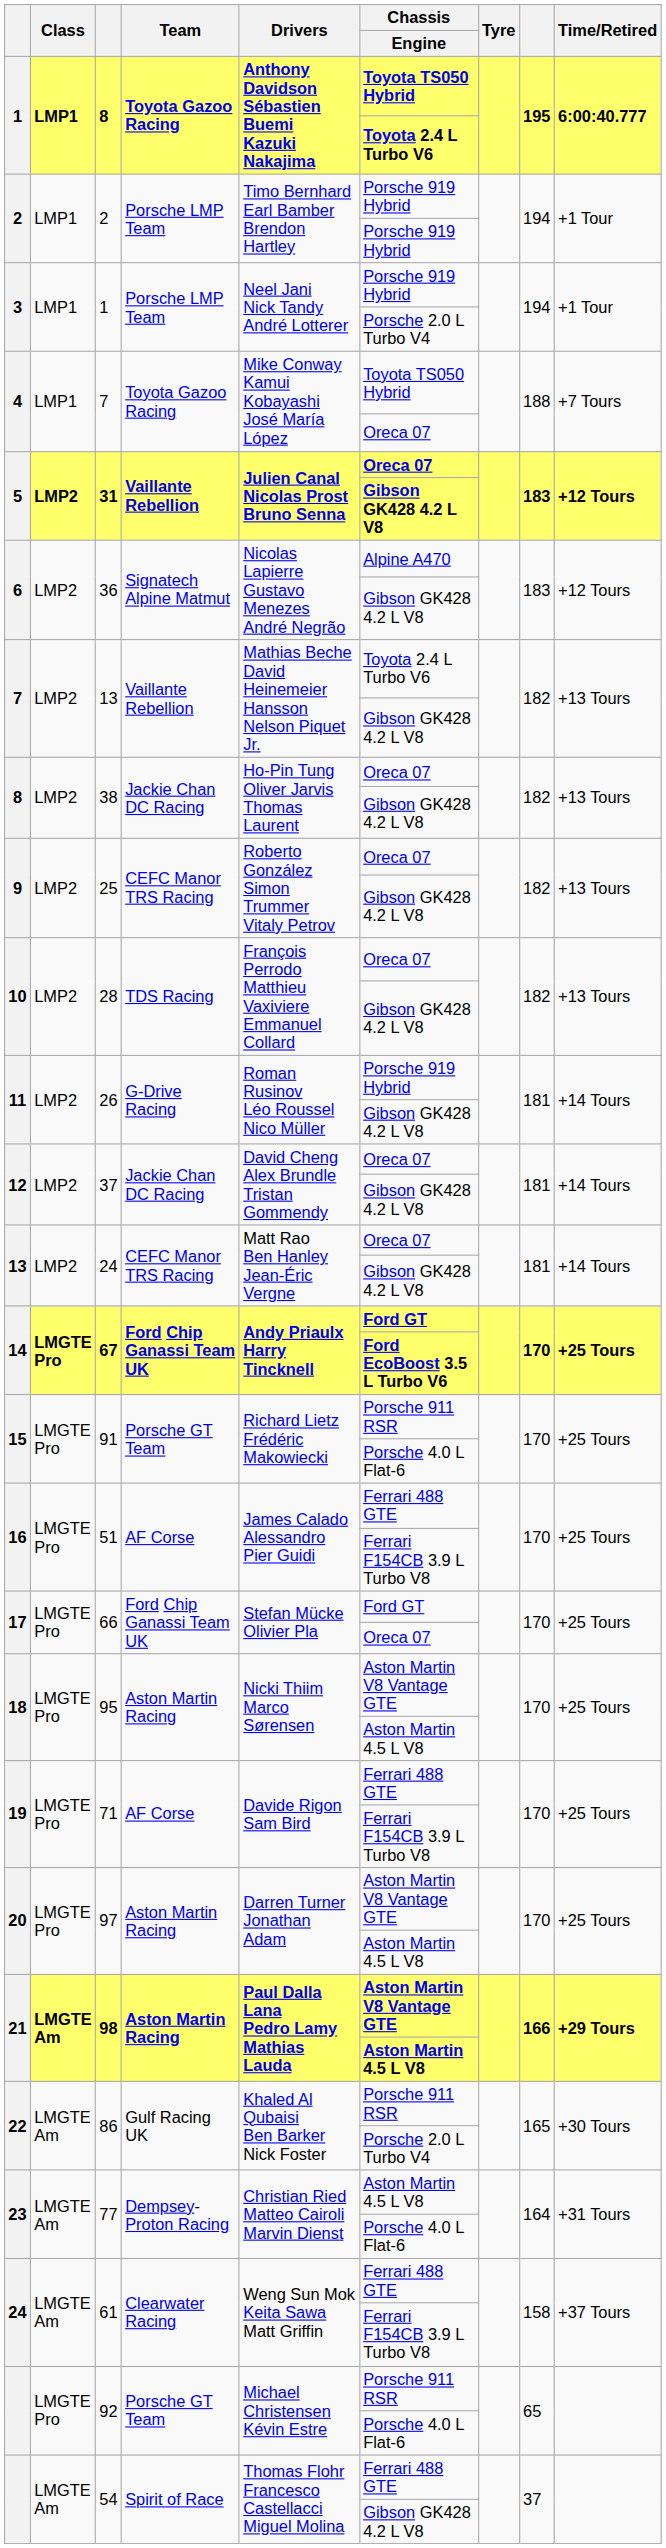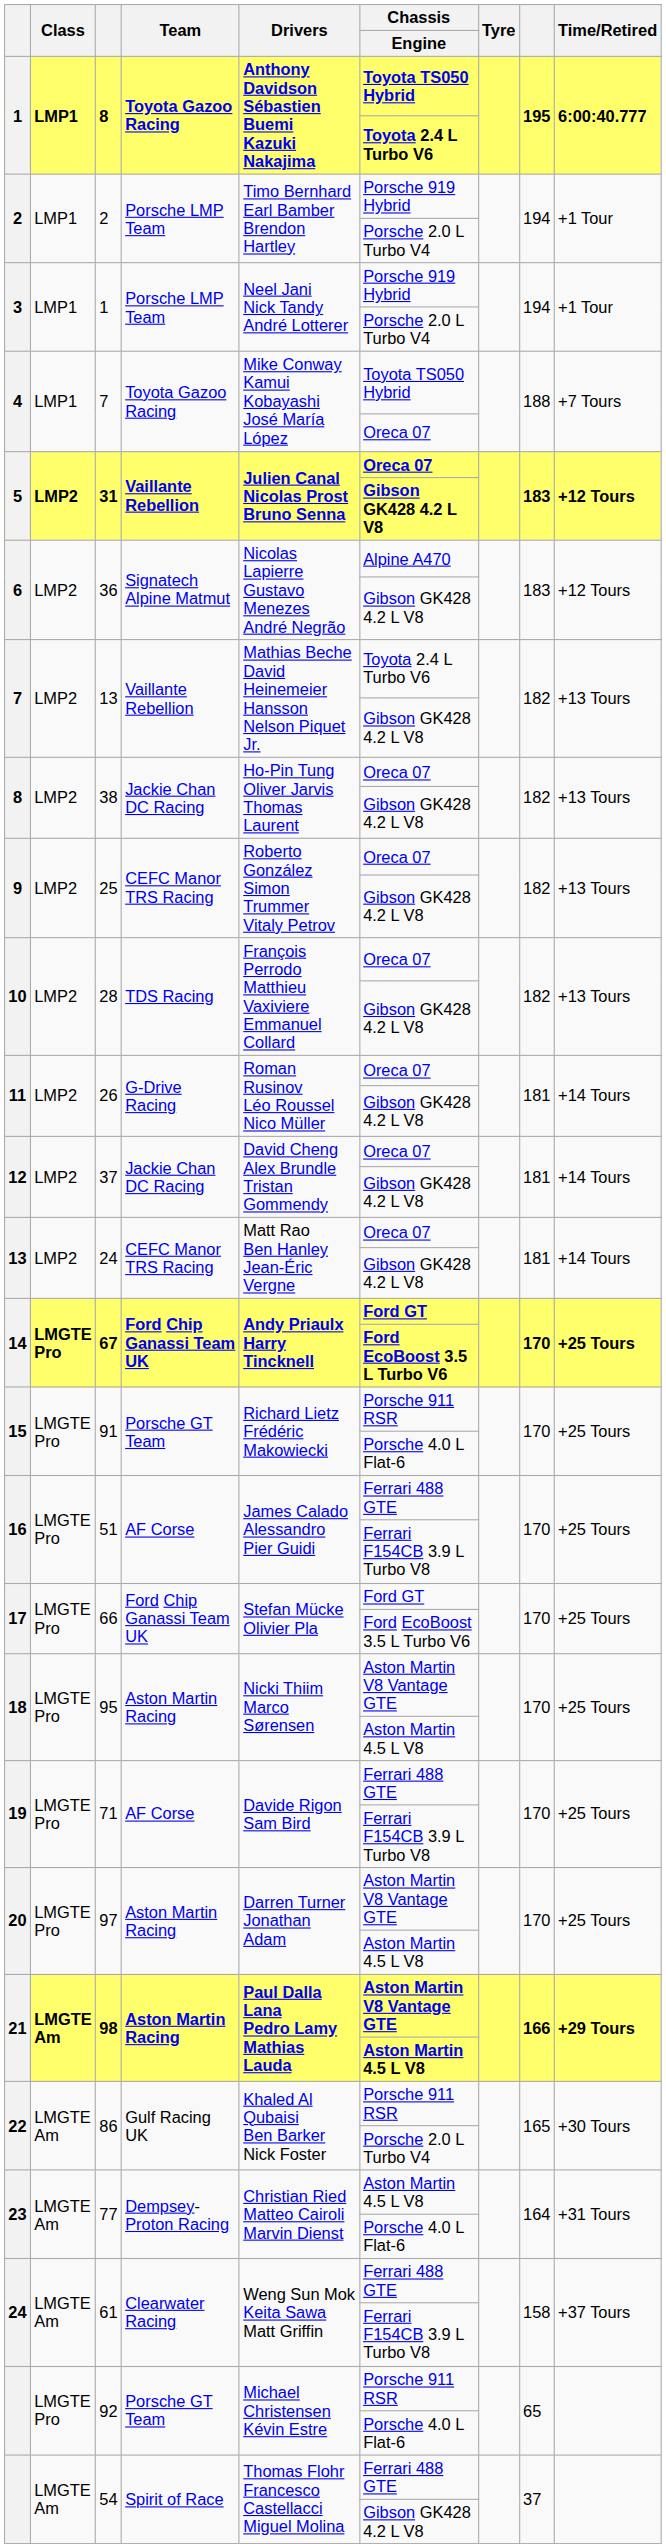 <table class="wikitable" style="font-size: 95%;">
 <tr>
 <th rowspan="2"></th>
 <th rowspan="2">Class</th>
 <th rowspan="2"></th>
 <th rowspan="2">Team</th>
 <th rowspan="2">Drivers</th>
 <th>Chassis</th>
 <th rowspan="2">Tyre</th>
 <th rowspan="2"></th>
 <th rowspan="2">Time/Retired</th>
 </tr>
 <tr>
 <th>Engine</th>
 </tr>
 <tr style="font-weight:bold" bgcolor="FFFF6B">
 <th rowspan=2>1</th>
 <td rowspan=2>LMP1</td>
 <td rowspan=2>8</td>
 <td rowspan=2> <a href='#'>Toyota Gazoo Racing</a></td>
 <td rowspan=2> <a href='#'>Anthony Davidson</a><br> <a href='#'>Sébastien Buemi</a><br> <a href='#'>Kazuki Nakajima</a></td>
 <td><a href='#'>Toyota TS050 Hybrid</a></td>
 <td rowspan=2></td>
 <td rowspan=2>195</td>
 <td rowspan=2>6:00:40.777</td>
 </tr>
 <tr style="font-weight:bold" bgcolor="FFFF6B">
 <td><a href='#'>Toyota</a> 2.4 L Turbo V6</td>
 </tr>
 <tr>
 <th rowspan=2>2</th>
 <td rowspan=2>LMP1</td>
 <td rowspan=2>2</td>
 <td rowspan=2> <a href='#'>Porsche LMP Team</a></td>
 <td rowspan=2> <a href='#'>Timo Bernhard</a><br> <a href='#'>Earl Bamber</a><br> <a href='#'>Brendon Hartley</a></td>
 <td><a href='#'>Porsche 919 Hybrid</a></td>
 <td rowspan=2></td>
 <td rowspan=2>194</td>
 <td rowspan=2>+1 Tour</td>
 </tr>
 <tr>
-<td><a href='#'>Porsche 919 Hybrid</a></td>
+<td><a href='#'>Porsche</a> 2.0 L Turbo V4</td>
 </tr>
 <tr>
 <th rowspan=2>3</th>
 <td rowspan=2>LMP1</td>
 <td rowspan=2>1</td>
 <td rowspan=2> <a href='#'>Porsche LMP Team</a></td>
 <td rowspan=2> <a href='#'>Neel Jani</a><br> <a href='#'>Nick Tandy</a><br> <a href='#'>André Lotterer</a></td>
 <td><a href='#'>Porsche 919 Hybrid</a></td>
 <td rowspan=2></td>
 <td rowspan=2>194</td>
 <td rowspan=2>+1 Tour</td>
 </tr>
 <tr>
 <td><a href='#'>Porsche</a> 2.0 L Turbo V4</td>
 </tr>
 <tr>
 <th rowspan=2>4</th>
 <td rowspan=2>LMP1</td>
 <td rowspan=2>7</td>
 <td rowspan=2> <a href='#'>Toyota Gazoo Racing</a></td>
 <td rowspan=2> <a href='#'>Mike Conway</a><br> <a href='#'>Kamui Kobayashi</a><br> <a href='#'>José María López</a></td>
 <td><a href='#'>Toyota TS050 Hybrid</a></td>
 <td rowspan=2></td>
 <td rowspan=2>188</td>
 <td rowspan=2>+7 Tours</td>
 </tr>
 <tr>
 <td><a href='#'>Oreca 07</a></td>
 </tr>
 <tr style="font-weight:bold" bgcolor="FFFF6B">
 <th rowspan=2>5</th>
 <td rowspan=2>LMP2</td>
 <td rowspan=2>31</td>
 <td rowspan=2> <a href='#'>Vaillante Rebellion</a></td>
 <td rowspan=2> <a href='#'>Julien Canal</a><br> <a href='#'>Nicolas Prost</a><br> <a href='#'>Bruno Senna</a></td>
 <td><a href='#'>Oreca 07</a></td>
 <td rowspan=2></td>
 <td rowspan=2>183</td>
 <td rowspan=2>+12 Tours</td>
 </tr>
 <tr style="font-weight:bold" bgcolor="FFFF6B">
 <td><a href='#'>Gibson</a> GK428 4.2 L V8</td>
 </tr>
 <tr>
 <th rowspan=2>6</th>
 <td rowspan=2>LMP2</td>
 <td rowspan=2>36</td>
 <td rowspan=2> <a href='#'>Signatech Alpine Matmut</a></td>
 <td rowspan=2> <a href='#'>Nicolas Lapierre</a><br> <a href='#'>Gustavo Menezes</a><br> <a href='#'>André Negrão</a></td>
 <td><a href='#'>Alpine A470</a></td>
 <td rowspan=2></td>
 <td rowspan=2>183</td>
 <td rowspan=2>+12 Tours</td>
 </tr>
 <tr>
 <td><a href='#'>Gibson</a> GK428 4.2 L V8</td>
 </tr>
 <tr>
 <th rowspan=2>7</th>
 <td rowspan=2>LMP2</td>
 <td rowspan=2>13</td>
 <td rowspan=2> <a href='#'>Vaillante Rebellion</a></td>
 <td rowspan=2> <a href='#'>Mathias Beche</a><br> <a href='#'>David Heinemeier Hansson</a><br> <a href='#'>Nelson Piquet Jr.</a></td>
 <td><a href='#'>Toyota</a> 2.4 L Turbo V6</td>
 <td rowspan=2></td>
 <td rowspan=2>182</td>
 <td rowspan=2>+13 Tours</td>
 </tr>
 <tr>
 <td><a href='#'>Gibson</a> GK428 4.2 L V8</td>
 </tr>
 <tr>
 <th rowspan=2>8</th>
 <td rowspan=2>LMP2</td>
 <td rowspan=2>38</td>
 <td rowspan=2> <a href='#'>Jackie Chan DC Racing</a></td>
 <td rowspan=2> <a href='#'>Ho-Pin Tung</a><br> <a href='#'>Oliver Jarvis</a><br> <a href='#'>Thomas Laurent</a></td>
 <td><a href='#'>Oreca 07</a></td>
 <td rowspan=2></td>
 <td rowspan=2>182</td>
 <td rowspan=2>+13 Tours</td>
 </tr>
 <tr>
 <td><a href='#'>Gibson</a> GK428 4.2 L V8</td>
 </tr>
 <tr>
 <th rowspan=2>9</th>
 <td rowspan=2>LMP2</td>
 <td rowspan=2>25</td>
 <td rowspan=2> <a href='#'>CEFC Manor TRS Racing</a></td>
 <td rowspan=2> <a href='#'>Roberto González</a><br> <a href='#'>Simon Trummer</a><br> <a href='#'>Vitaly Petrov</a></td>
 <td><a href='#'>Oreca 07</a></td>
 <td rowspan=2></td>
 <td rowspan=2>182</td>
 <td rowspan=2>+13 Tours</td>
 </tr>
 <tr>
 <td><a href='#'>Gibson</a> GK428 4.2 L V8</td>
 </tr>
 <tr>
 <th rowspan=2>10</th>
 <td rowspan=2>LMP2</td>
 <td rowspan=2>28</td>
 <td rowspan=2> <a href='#'>TDS Racing</a></td>
 <td rowspan=2> <a href='#'>François Perrodo</a><br> <a href='#'>Matthieu Vaxiviere</a><br> <a href='#'>Emmanuel Collard</a></td>
 <td><a href='#'>Oreca 07</a></td>
 <td rowspan=2></td>
 <td rowspan=2>182</td>
 <td rowspan=2>+13 Tours</td>
 </tr>
 <tr>
 <td><a href='#'>Gibson</a> GK428 4.2 L V8</td>
 </tr>
 <tr>
 <th rowspan=2>11</th>
 <td rowspan=2>LMP2</td>
 <td rowspan=2>26</td>
 <td rowspan=2> <a href='#'>G-Drive Racing</a></td>
 <td rowspan=2> <a href='#'>Roman Rusinov</a><br> <a href='#'>Léo Roussel</a><br> <a href='#'>Nico Müller</a></td>
-<td><a href='#'>Porsche 919 Hybrid</a></td>
+<td><a href='#'>Oreca 07</a></td>
 <td rowspan=2></td>
 <td rowspan=2>181</td>
 <td rowspan=2>+14 Tours</td>
 </tr>
 <tr>
 <td><a href='#'>Gibson</a> GK428 4.2 L V8</td>
 </tr>
 <tr>
 <th rowspan=2>12</th>
 <td rowspan=2>LMP2</td>
 <td rowspan=2>37</td>
 <td rowspan=2> <a href='#'>Jackie Chan DC Racing</a></td>
 <td rowspan=2> <a href='#'>David Cheng</a><br> <a href='#'>Alex Brundle</a><br> <a href='#'>Tristan Gommendy</a></td>
 <td><a href='#'>Oreca 07</a></td>
 <td rowspan=2></td>
 <td rowspan=2>181</td>
 <td rowspan=2>+14 Tours</td>
 </tr>
 <tr>
 <td><a href='#'>Gibson</a> GK428 4.2 L V8</td>
 </tr>
 <tr>
 <th rowspan=2>13</th>
 <td rowspan=2>LMP2</td>
 <td rowspan=2>24</td>
 <td rowspan=2> <a href='#'>CEFC Manor TRS Racing</a></td>
 <td rowspan=2> Matt Rao<br> <a href='#'>Ben Hanley</a><br> <a href='#'>Jean-Éric Vergne</a></td>
 <td><a href='#'>Oreca 07</a></td>
 <td rowspan=2></td>
 <td rowspan=2>181</td>
 <td rowspan=2>+14 Tours</td>
 </tr>
 <tr>
 <td><a href='#'>Gibson</a> GK428 4.2 L V8</td>
 </tr>
 <tr style="font-weight:bold" bgcolor="FFFF6B">
 <th rowspan=2>14</th>
 <td rowspan=2>LMGTE<br>Pro</td>
 <td rowspan=2>67</td>
 <td rowspan=2> <a href='#'>Ford</a> <a href='#'>Chip Ganassi Team UK</a></td>
 <td rowspan=2> <a href='#'>Andy Priaulx</a><br> <a href='#'>Harry Tincknell</a></td>
 <td><a href='#'>Ford GT</a></td>
 <td rowspan=2></td>
 <td rowspan=2>170</td>
 <td rowspan=2>+25 Tours</td>
 </tr>
 <tr style="font-weight:bold" bgcolor="FFFF6B">
 <td><a href='#'>Ford</a> <a href='#'>EcoBoost</a> 3.5 L Turbo V6</td>
 </tr>
 <tr>
 <th rowspan=2>15</th>
 <td rowspan=2>LMGTE<br>Pro</td>
 <td rowspan=2>91</td>
 <td rowspan=2> <a href='#'>Porsche GT Team</a></td>
 <td rowspan=2> <a href='#'>Richard Lietz</a><br> <a href='#'>Frédéric Makowiecki</a></td>
 <td><a href='#'>Porsche 911 RSR</a></td>
 <td rowspan=2></td>
 <td rowspan=2>170</td>
 <td rowspan=2>+25 Tours</td>
 </tr>
 <tr>
 <td><a href='#'>Porsche</a> 4.0 L Flat-6</td>
 </tr>
 <tr>
 <th rowspan=2>16</th>
 <td rowspan=2>LMGTE<br>Pro</td>
 <td rowspan=2>51</td>
 <td rowspan=2> <a href='#'>AF Corse</a></td>
 <td rowspan=2> <a href='#'>James Calado</a><br> <a href='#'>Alessandro Pier Guidi</a></td>
 <td><a href='#'>Ferrari 488 GTE</a></td>
 <td rowspan=2></td>
 <td rowspan=2>170</td>
 <td rowspan=2>+25 Tours</td>
 </tr>
 <tr>
 <td><a href='#'>Ferrari</a> <a href='#'>F154CB</a> 3.9 L Turbo V8</td>
 </tr>
 <tr>
 <th rowspan=2>17</th>
 <td rowspan=2>LMGTE<br>Pro</td>
 <td rowspan=2>66</td>
 <td rowspan=2> <a href='#'>Ford</a> <a href='#'>Chip Ganassi Team UK</a></td>
 <td rowspan=2> <a href='#'>Stefan Mücke</a><br> <a href='#'>Olivier Pla</a></td>
 <td><a href='#'>Ford GT</a></td>
 <td rowspan=2></td>
 <td rowspan=2>170</td>
 <td rowspan=2>+25 Tours</td>
 </tr>
 <tr>
-<td><a href='#'>Oreca 07</a></td>
+<td><a href='#'>Ford</a> <a href='#'>EcoBoost</a> 3.5 L Turbo V6</td>
 </tr>
 <tr>
 <th rowspan=2>18</th>
 <td rowspan=2>LMGTE<br>Pro</td>
 <td rowspan=2>95</td>
 <td rowspan=2> <a href='#'>Aston Martin Racing</a></td>
 <td rowspan=2> <a href='#'>Nicki Thiim</a><br> <a href='#'>Marco Sørensen</a></td>
 <td><a href='#'>Aston Martin V8 Vantage GTE</a></td>
 <td rowspan=2></td>
 <td rowspan=2>170</td>
 <td rowspan=2>+25 Tours</td>
 </tr>
 <tr>
 <td><a href='#'>Aston Martin</a> 4.5 L V8</td>
 </tr>
 <tr>
 <th rowspan=2>19</th>
 <td rowspan=2>LMGTE<br>Pro</td>
 <td rowspan=2>71</td>
 <td rowspan=2> <a href='#'>AF Corse</a></td>
 <td rowspan=2> <a href='#'>Davide Rigon</a><br> <a href='#'>Sam Bird</a></td>
 <td><a href='#'>Ferrari 488 GTE</a></td>
 <td rowspan=2></td>
 <td rowspan=2>170</td>
 <td rowspan=2>+25 Tours</td>
 </tr>
 <tr>
 <td><a href='#'>Ferrari</a> <a href='#'>F154CB</a> 3.9 L Turbo V8</td>
 </tr>
 <tr>
 <th rowspan=2>20</th>
 <td rowspan=2>LMGTE<br>Pro</td>
 <td rowspan=2>97</td>
 <td rowspan=2> <a href='#'>Aston Martin Racing</a></td>
 <td rowspan=2> <a href='#'>Darren Turner</a><br> <a href='#'>Jonathan Adam</a></td>
 <td><a href='#'>Aston Martin V8 Vantage GTE</a></td>
 <td rowspan=2></td>
 <td rowspan=2>170</td>
 <td rowspan=2>+25 Tours</td>
 </tr>
 <tr>
 <td><a href='#'>Aston Martin</a> 4.5 L V8</td>
 </tr>
 <tr style="font-weight:bold" bgcolor="FFFF6B">
 <th rowspan=2>21</th>
 <td rowspan=2>LMGTE<br>Am</td>
 <td rowspan=2>98</td>
 <td rowspan=2> <a href='#'>Aston Martin Racing</a></td>
 <td rowspan=2> <a href='#'>Paul Dalla Lana</a><br> <a href='#'>Pedro Lamy</a><br> <a href='#'>Mathias Lauda</a></td>
 <td><a href='#'>Aston Martin V8 Vantage GTE</a></td>
 <td rowspan=2></td>
 <td rowspan=2>166</td>
 <td rowspan=2>+29 Tours</td>
 </tr>
 <tr style="font-weight:bold" bgcolor="FFFF6B">
 <td><a href='#'>Aston Martin</a> 4.5 L V8</td>
 </tr>
 <tr>
 <th rowspan=2>22</th>
 <td rowspan=2>LMGTE<br>Am</td>
 <td rowspan=2>86</td>
 <td rowspan=2> Gulf Racing UK</td>
 <td rowspan=2> <a href='#'>Khaled Al Qubaisi</a><br> <a href='#'>Ben Barker</a><br> Nick Foster</td>
 <td><a href='#'>Porsche 911 RSR</a></td>
 <td rowspan=2></td>
 <td rowspan=2>165</td>
 <td rowspan=2>+30 Tours</td>
 </tr>
 <tr>
 <td><a href='#'>Porsche</a> 2.0 L Turbo V4</td>
 </tr>
 <tr>
 <th rowspan=2>23</th>
 <td rowspan=2>LMGTE<br>Am</td>
 <td rowspan=2>77</td>
 <td rowspan=2> <a href='#'>Dempsey</a>-<a href='#'>Proton Racing</a></td>
 <td rowspan=2> <a href='#'>Christian Ried</a><br> <a href='#'>Matteo Cairoli</a><br> <a href='#'>Marvin Dienst</a></td>
 <td><a href='#'>Aston Martin</a> 4.5 L V8</td>
 <td rowspan=2></td>
 <td rowspan=2>164</td>
 <td rowspan=2>+31 Tours</td>
 </tr>
 <tr>
 <td><a href='#'>Porsche</a> 4.0 L Flat-6</td>
 </tr>
 <tr>
 <th rowspan=2>24</th>
 <td rowspan=2>LMGTE<br>Am</td>
 <td rowspan=2>61</td>
 <td rowspan=2> <a href='#'>Clearwater Racing</a></td>
 <td rowspan=2> Weng Sun Mok<br> <a href='#'>Keita Sawa</a><br> Matt Griffin</td>
 <td><a href='#'>Ferrari 488 GTE</a></td>
 <td rowspan=2></td>
 <td rowspan=2>158</td>
 <td rowspan=2>+37 Tours</td>
 </tr>
 <tr>
 <td><a href='#'>Ferrari</a> <a href='#'>F154CB</a> 3.9 L Turbo V8</td>
 </tr>
 <tr>
 <th rowspan=2></th>
 <td rowspan=2>LMGTE<br>Pro</td>
 <td rowspan=2>92</td>
 <td rowspan=2> <a href='#'>Porsche GT Team</a></td>
 <td rowspan=2> <a href='#'>Michael Christensen</a><br> <a href='#'>Kévin Estre</a></td>
 <td><a href='#'>Porsche 911 RSR</a></td>
 <td rowspan=2></td>
 <td rowspan=2>65</td>
 <td rowspan=2></td>
 </tr>
 <tr>
 <td><a href='#'>Porsche</a> 4.0 L Flat-6</td>
 </tr>
 <tr>
 <th rowspan=2></th>
 <td rowspan=2>LMGTE<br>Am</td>
 <td rowspan=2>54</td>
 <td rowspan=2> <a href='#'>Spirit of Race</a></td>
 <td rowspan=2> <a href='#'>Thomas Flohr</a><br> <a href='#'>Francesco Castellacci</a><br> <a href='#'>Miguel Molina</a></td>
 <td><a href='#'>Ferrari 488 GTE</a></td>
 <td rowspan=2></td>
 <td rowspan=2>37</td>
 <td rowspan=2></td>
 </tr>
 <tr>
 <td><a href='#'>Gibson</a> GK428 4.2 L V8</td>
 </tr>
 </table>
